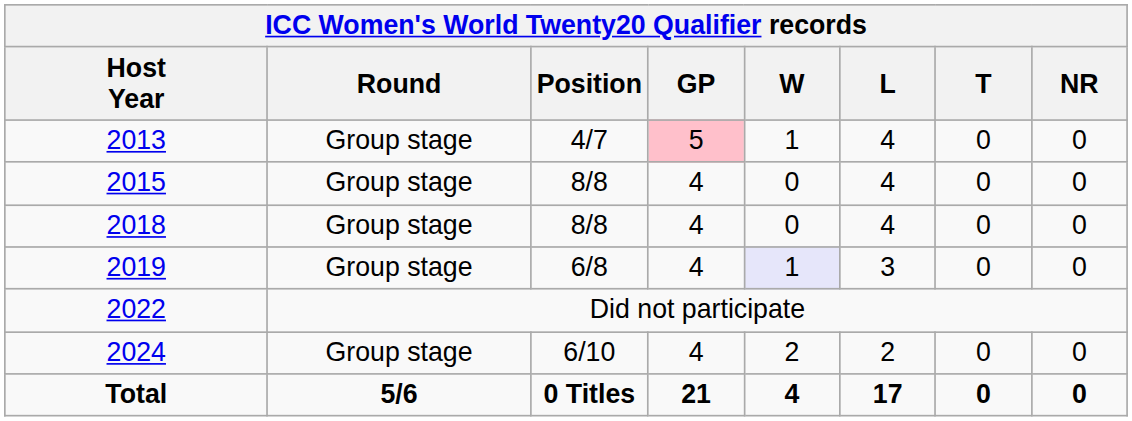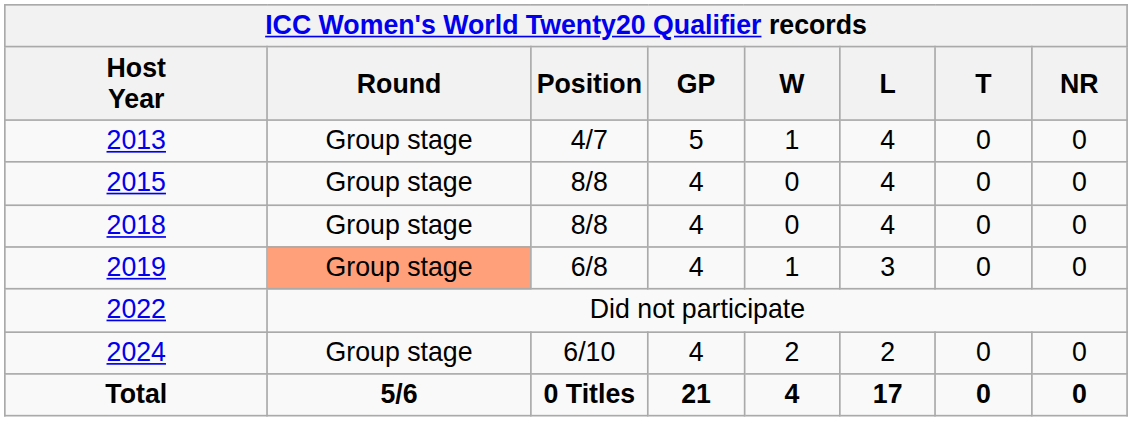 <table class="wikitable" style="text-align: center; width=900px;">
 <tr>
 <th colspan=9><a href='#'>ICC Women's World Twenty20 Qualifier</a> records</th>
 </tr>
 <tr>
 <th width=150>Host<br>Year</th>
 <th width=150>Round</th>
 <th width=50>Position</th>
 <th width=50>GP</th>
 <th width=50>W</th>
 <th width=50>L</th>
 <th width=50>T</th>
 <th width=50>NR</th>
 </tr>
 <tr>
 <td> <a href='#'>2013</a></td>
 <td>Group stage</td>
 <td>4/7</td>
-<td style="background: pink;">5</td>
+<td>5</td>
 <td>1</td>
 <td>4</td>
 <td>0</td>
 <td>0</td>
 </tr>
 <tr>
 <td> <a href='#'>2015</a></td>
 <td>Group stage</td>
 <td>8/8</td>
 <td>4</td>
 <td>0</td>
 <td>4</td>
 <td>0</td>
 <td>0</td>
 </tr>
 <tr>
 <td> <a href='#'>2018</a></td>
 <td>Group stage</td>
 <td>8/8</td>
 <td>4</td>
 <td>0</td>
 <td>4</td>
 <td>0</td>
 <td>0</td>
 </tr>
 <tr>
 <td> <a href='#'>2019</a></td>
-<td>Group stage</td>
+<td style="background: lightsalmon;">Group stage</td>
 <td>6/8</td>
 <td>4</td>
-<td style="background: lavender;">1</td>
+<td>1</td>
 <td>3</td>
 <td>0</td>
 <td>0</td>
 </tr>
 <tr>
 <td> <a href='#'>2022</a></td>
 <td colspan=8>Did not participate</td>
 </tr>
 <tr>
 <td> <a href='#'>2024</a></td>
 <td>Group stage</td>
 <td>6/10</td>
 <td>4</td>
 <td>2</td>
 <td>2</td>
 <td>0</td>
 <td>0</td>
 </tr>
 <tr>
 <td><strong>Total</strong></td>
 <td><strong>5/6</strong></td>
 <td><strong>0 Titles</strong></td>
 <td><strong>21</strong></td>
 <td><strong>4</strong></td>
 <td><strong>17</strong></td>
 <td><strong>0</strong></td>
 <td><strong>0</strong></td>
 </tr>
 </table>
